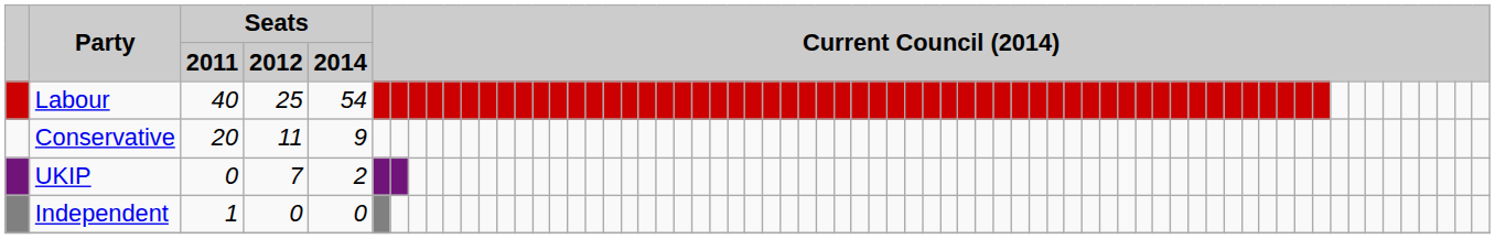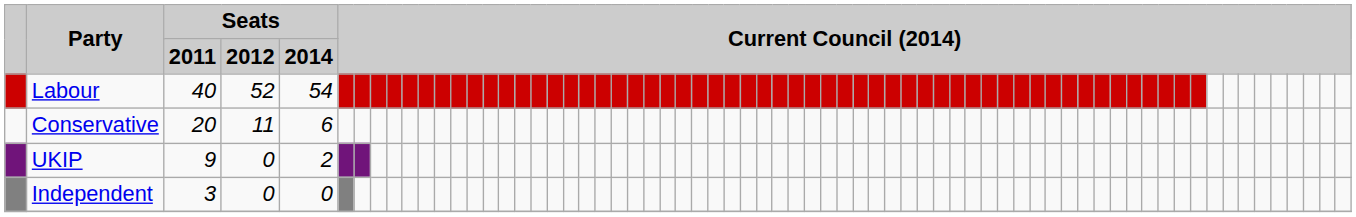 <table class="wikitable">
 <tr>
 <th style="background:#ccc" rowspan="2">  </th>
 <th style="background:#ccc" rowspan="2">Party</th>
 <th style="background:#ccc" colspan="3">Seats</th>
 <th style="background:#ccc" colspan="63" rowspan="2">Current Council (2014)</th>
 </tr>
 <tr>
 <th style="background:#ccc">2011</th>
 <th style="background:#ccc">2012</th>
 <th style="background:#ccc">2014</th>
 </tr>
 <tr>
 <td style="background:#c00"> </td>
 <td><a href='#'>Labour</a></td>
 <td style="text-align: right"><em>40</em></td>
-<td style="text-align: right"><em>25</em></td>
+<td style="text-align: right"><em>52</em></td>
 <td style="text-align: right"><em>54</em></td>
 <td style="background:#c00"> </td>
 <td style="background:#c00"> </td>
 <td style="background:#c00"> </td>
 <td style="background:#c00"> </td>
 <td style="background:#c00"> </td>
 <td style="background:#c00"> </td>
 <td style="background:#c00"> </td>
 <td style="background:#c00"> </td>
 <td style="background:#c00"> </td>
 <td style="background:#c00"> </td>
 <td style="background:#c00"> </td>
 <td style="background:#c00"> </td>
 <td style="background:#c00"> </td>
 <td style="background:#c00"> </td>
 <td style="background:#c00"> </td>
 <td style="background:#c00"> </td>
 <td style="background:#c00"> </td>
 <td style="background:#c00"> </td>
 <td style="background:#c00"> </td>
 <td style="background:#c00"> </td>
 <td style="background:#c00"> </td>
 <td style="background:#c00"> </td>
 <td style="background:#c00"> </td>
 <td style="background:#c00"> </td>
 <td style="background:#c00"> </td>
 <td style="background:#c00"> </td>
 <td style="background:#c00"> </td>
 <td style="background:#c00"> </td>
 <td style="background:#c00"> </td>
 <td style="background:#c00"> </td>
 <td style="background:#c00"> </td>
 <td style="background:#c00"> </td>
 <td style="background:#c00"> </td>
 <td style="background:#c00"> </td>
 <td style="background:#c00"> </td>
 <td style="background:#c00"> </td>
 <td style="background:#c00"> </td>
 <td style="background:#c00"> </td>
 <td style="background:#c00"> </td>
 <td style="background:#c00"> </td>
 <td style="background:#c00"> </td>
 <td style="background:#c00"> </td>
 <td style="background:#c00"> </td>
 <td style="background:#c00"> </td>
 <td style="background:#c00"> </td>
 <td style="background:#c00"> </td>
 <td style="background:#c00"> </td>
 <td style="background:#c00"> </td>
 <td style="background:#c00"> </td>
 <td style="background:#c00"> </td>
 <td style="background:#c00"> </td>
 <td style="background:#c00"> </td>
 <td style="background:#c00"> </td>
 <td style="background:#c00"> </td>
 <td> </td>
 <td> </td>
 <td> </td>
 <td> </td>
 <td> </td>
 <td> </td>
 <td> </td>
 <td> </td>
 <td> </td>
 </tr>
 <tr>
 <td style="background: "> </td>
 <td><a href='#'>Conservative</a></td>
 <td style="text-align: right"><em>20</em></td>
 <td style="text-align: right"><em>11</em></td>
-<td style="text-align: right"><em>9</em></td>
+<td style="text-align: right"><em>6</em></td>
 <td style="background: "> </td>
 <td style="background: "> </td>
 <td style="background: "> </td>
 <td style="background: "> </td>
 <td style="background: "> </td>
 <td style="background: "> </td>
 <td> </td>
 <td> </td>
 <td> </td>
 <td> </td>
 <td> </td>
 <td> </td>
 <td> </td>
 <td> </td>
 <td> </td>
 <td> </td>
 <td> </td>
 <td> </td>
 <td> </td>
 <td> </td>
 <td> </td>
 <td> </td>
 <td> </td>
 <td> </td>
 <td> </td>
 <td> </td>
 <td> </td>
 <td> </td>
 <td> </td>
 <td> </td>
 <td> </td>
 <td> </td>
 <td> </td>
 <td> </td>
 <td> </td>
 <td> </td>
 <td> </td>
 <td> </td>
 <td> </td>
 <td> </td>
 <td> </td>
 <td> </td>
 <td> </td>
 <td> </td>
 <td> </td>
 <td> </td>
 <td> </td>
 <td> </td>
 <td> </td>
 <td> </td>
 <td> </td>
 <td> </td>
 <td> </td>
 <td> </td>
 <td> </td>
 <td> </td>
 <td> </td>
 <td> </td>
 <td> </td>
 <td> </td>
 <td> </td>
 <td> </td>
 <td> </td>
 </tr>
 <tr>
 <td style="background:#70147A"> </td>
 <td><a href='#'>UKIP</a></td>
+<td style="text-align: right"><em>9</em></td>
 <td style="text-align: right"><em>0</em></td>
-<td style="text-align: right"><em>7</em></td>
 <td style="text-align: right"><em>2</em></td>
 <td style="background:#70147A"> </td>
 <td style="background:#70147A"> </td>
 <td> </td>
 <td> </td>
 <td> </td>
 <td> </td>
 <td> </td>
 <td> </td>
 <td> </td>
 <td> </td>
 <td> </td>
 <td> </td>
 <td> </td>
 <td> </td>
 <td> </td>
 <td> </td>
 <td> </td>
 <td> </td>
 <td> </td>
 <td> </td>
 <td> </td>
 <td> </td>
 <td> </td>
 <td> </td>
 <td> </td>
 <td> </td>
 <td> </td>
 <td> </td>
 <td> </td>
 <td> </td>
 <td> </td>
 <td> </td>
 <td> </td>
 <td> </td>
 <td> </td>
 <td> </td>
 <td> </td>
 <td> </td>
 <td> </td>
 <td> </td>
 <td> </td>
 <td> </td>
 <td> </td>
 <td> </td>
 <td> </td>
 <td> </td>
 <td> </td>
 <td> </td>
 <td> </td>
 <td> </td>
 <td> </td>
 <td> </td>
 <td> </td>
 <td> </td>
 <td> </td>
 <td> </td>
 <td> </td>
 <td> </td>
 <td> </td>
 <td> </td>
 <td> </td>
 <td> </td>
 <td> </td>
 </tr>
 <tr>
 <td style="background:gray"> </td>
 <td><a href='#'>Independent</a></td>
-<td style="text-align: right"><em>1</em></td>
+<td style="text-align: right"><em>3</em></td>
 <td style="text-align: right"><em>0</em></td>
 <td style="text-align: right"><em>0</em></td>
 <td style="background:gray"> </td>
 <td> </td>
 <td> </td>
 <td> </td>
 <td> </td>
 <td> </td>
 <td> </td>
 <td> </td>
 <td> </td>
 <td> </td>
 <td> </td>
 <td> </td>
 <td> </td>
 <td> </td>
 <td> </td>
 <td> </td>
 <td> </td>
 <td> </td>
 <td> </td>
 <td> </td>
 <td> </td>
 <td> </td>
 <td> </td>
 <td> </td>
 <td> </td>
 <td> </td>
 <td> </td>
 <td> </td>
 <td> </td>
 <td> </td>
 <td> </td>
 <td> </td>
 <td> </td>
 <td> </td>
 <td> </td>
 <td> </td>
 <td> </td>
 <td> </td>
 <td> </td>
 <td> </td>
 <td> </td>
 <td> </td>
 <td> </td>
 <td> </td>
 <td> </td>
 <td> </td>
 <td> </td>
 <td> </td>
 <td> </td>
 <td> </td>
 <td> </td>
 <td> </td>
 <td> </td>
 <td> </td>
 <td> </td>
 <td> </td>
 <td> </td>
 <td> </td>
 <td> </td>
 <td> </td>
 <td> </td>
 <td> </td>
 <td> </td>
 </tr>
 <tr>
 </tr>
 </table>
